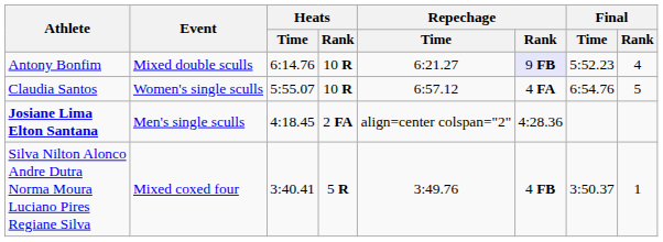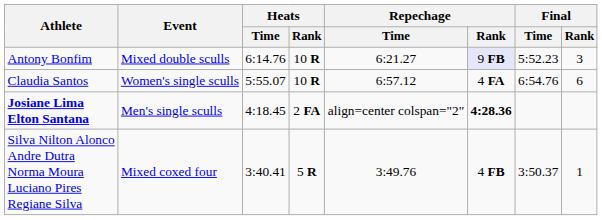 <table class="wikitable" style="font-size:90%;">
 <tr>
 <th rowspan="2">Athlete</th>
 <th rowspan="2">Event</th>
 <th colspan="2">Heats</th>
 <th colspan="2">Repechage</th>
 <th colspan="2">Final</th>
 </tr>
 <tr style="font-size:95%">
 <th>Time</th>
 <th>Rank</th>
 <th>Time</th>
 <th>Rank</th>
 <th>Time</th>
 <th>Rank</th>
 </tr>
 <tr>
 <td align=left><a href='#'>Antony Bonfim</a></td>
 <td align=left><a href='#'>Mixed double sculls</a></td>
 <td align=center>6:14.76</td>
 <td align=center>10 <strong>R</strong></td>
 <td align=center>6:21.27</td>
 <td align=center style="background: lavender;">9 <strong>FB</strong></td>
 <td align=center>5:52.23</td>
-<td align=center>4</td>
+<td align=center>3</td>
 </tr>
 <tr>
 <td align=left><a href='#'>Claudia Santos</a></td>
 <td align=left><a href='#'>Women's single sculls</a></td>
 <td align=center>5:55.07</td>
 <td align=center>10 <strong>R</strong></td>
 <td align=center>6:57.12</td>
 <td align=center>4 <strong>FA</strong></td>
 <td align=center>6:54.76</td>
-<td align=center>5</td>
+<td align=center>6</td>
 </tr>
 <tr>
 <td align=left><strong><a href='#'>Josiane Lima</a></strong><br> <strong><a href='#'>Elton Santana</a></strong></td>
 <td align=left><a href='#'>Men's single sculls</a></td>
 <td align=center>4:18.45</td>
 <td align=center>2 <strong>FA</strong></td>
 <td>align=center colspan="2" </td>
-<td align=center>4:28.36</td>
+<td align=center><strong>4:28.36</strong></td>
 <td align=center></td>
 </tr>
 <tr>
 <td align=left><a href='#'>Silva Nilton Alonco</a><br> <a href='#'>Andre Dutra</a><br> <a href='#'>Norma Moura</a><br> <a href='#'>Luciano Pires</a><br> <a href='#'>Regiane Silva</a></td>
 <td align=left><a href='#'>Mixed coxed four</a></td>
 <td align=center>3:40.41</td>
 <td align=center>5 <strong>R</strong></td>
 <td align=center>3:49.76</td>
 <td align=center>4 <strong>FB</strong></td>
 <td align=center>3:50.37</td>
 <td align=center>1</td>
 </tr>
 </table>
